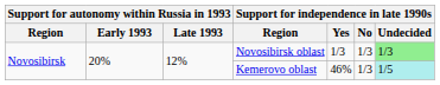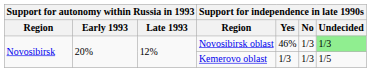 <table class="wikitable">
 <tr>
 <th colspan="3">Support for autonomy within Russia in 1993</th>
 <th colspan="4">Support for independence in late 1990s</th>
 </tr>
 <tr>
 <th>Region</th>
 <th>Early 1993</th>
 <th>Late 1993</th>
 <th>Region</th>
 <th>Yes</th>
 <th>No</th>
 <th>Undecided</th>
 </tr>
 <tr>
 <td rowspan="2"><a href='#'>Novosibirsk</a></td>
 <td rowspan="2">20%</td>
 <td rowspan="2">12%</td>
 <td><a href='#'>Novosibirsk oblast</a></td>
-<td>1/3</td>
+<td>46%</td>
 <td>1/3</td>
 <td style="background: lightgreen;">1/3</td>
 </tr>
 <tr>
 <td><a href='#'>Kemerovo oblast</a></td>
-<td>46%</td>
 <td>1/3</td>
-<td style="background: paleturquoise;">1/5</td>
+<td>1/3</td>
+<td>1/5</td>
 </tr>
 </table>
